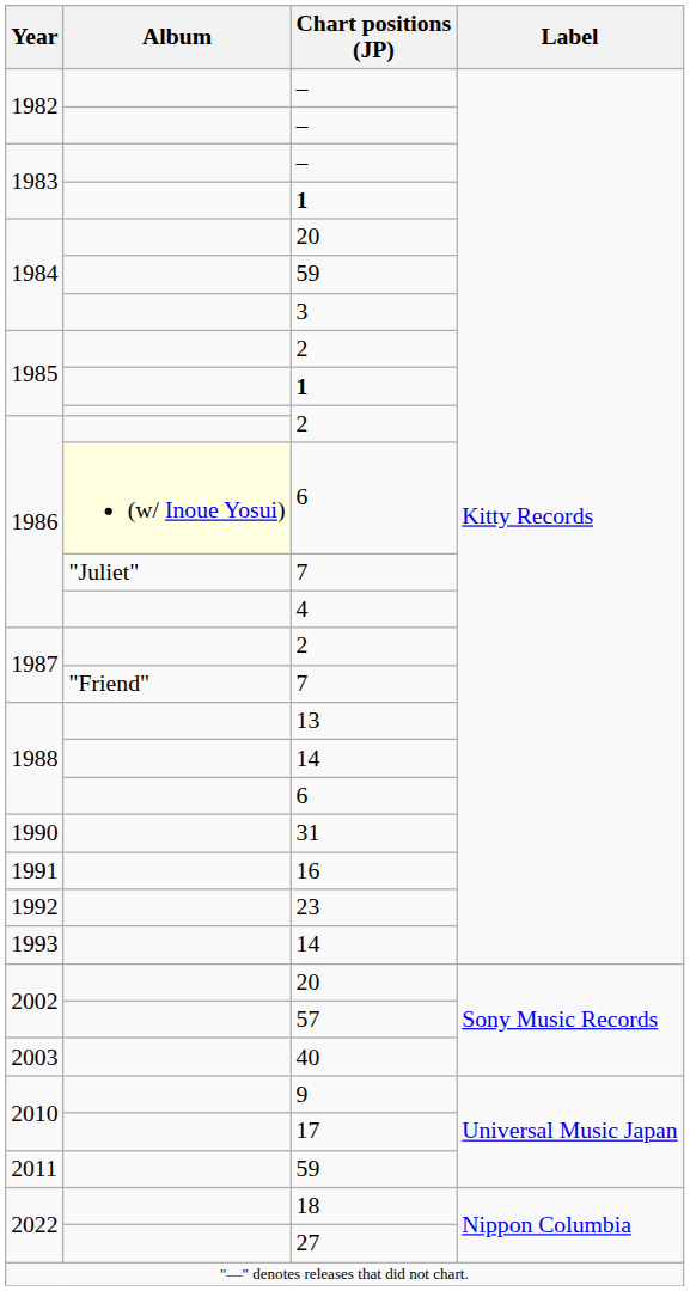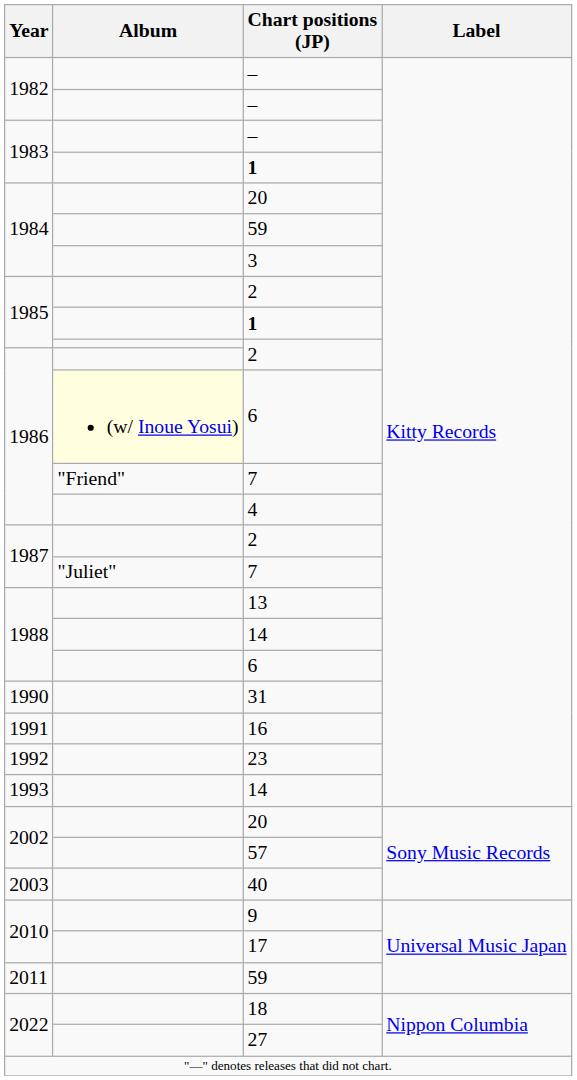 <table class="wikitable">
 <tr>
 <th>Year</th>
 <th>Album</th>
 <th>Chart positions<br>(JP)</th>
 <th>Label</th>
 </tr>
 <tr>
 <td rowspan="2">1982</td>
 <td></td>
 <td>–</td>
 <td rowspan="23"><a href='#'>Kitty Records</a></td>
 </tr>
 <tr>
 <td></td>
 <td>–</td>
 </tr>
 <tr>
 <td rowspan="2">1983</td>
 <td></td>
 <td>–</td>
 </tr>
 <tr>
 <td></td>
 <td><strong>1</strong></td>
 </tr>
 <tr>
 <td rowspan="3">1984</td>
 <td></td>
 <td>20</td>
 </tr>
 <tr>
 <td></td>
 <td>59</td>
 </tr>
 <tr>
 <td></td>
 <td>3</td>
 </tr>
 <tr>
 <td rowspan="3">1985</td>
 <td></td>
 <td>2</td>
 </tr>
 <tr>
 <td></td>
 <td><strong>1</strong></td>
 </tr>
 <tr>
 <td></td>
 <td rowspan="2">2</td>
 </tr>
 <tr>
 <td rowspan="4">1986</td>
 <td></td>
 </tr>
 <tr>
 <td style="background: lightyellow;"><br><ul><li>(w/ <a href='#'>Inoue Yosui</a>)</li></ul></td>
 <td>6</td>
 </tr>
 <tr>
-<td>"Juliet"</td>
+<td>"Friend"</td>
 <td>7</td>
 </tr>
 <tr>
 <td></td>
 <td>4</td>
 </tr>
 <tr>
 <td rowspan="2">1987</td>
 <td></td>
 <td>2</td>
 </tr>
 <tr>
-<td>"Friend"</td>
+<td>"Juliet"</td>
 <td>7</td>
 </tr>
 <tr>
 <td rowspan="3">1988</td>
 <td></td>
 <td>13</td>
 </tr>
 <tr>
 <td></td>
 <td>14</td>
 </tr>
 <tr>
 <td></td>
 <td>6</td>
 </tr>
 <tr>
 <td>1990</td>
 <td></td>
 <td>31</td>
 </tr>
 <tr>
 <td>1991</td>
 <td></td>
 <td>16</td>
 </tr>
 <tr>
 <td>1992</td>
 <td></td>
 <td>23</td>
 </tr>
 <tr>
 <td>1993</td>
 <td></td>
 <td>14</td>
 </tr>
 <tr>
 <td rowspan="2">2002</td>
 <td></td>
 <td>20</td>
 <td rowspan="3"><a href='#'>Sony Music Records</a></td>
 </tr>
 <tr>
 <td></td>
 <td>57</td>
 </tr>
 <tr>
 <td>2003</td>
 <td></td>
 <td>40</td>
 </tr>
 <tr>
 <td rowspan="2">2010</td>
 <td></td>
 <td>9</td>
 <td rowspan="3"><a href='#'>Universal Music Japan</a></td>
 </tr>
 <tr>
 <td></td>
 <td>17</td>
 </tr>
 <tr>
 <td>2011</td>
 <td></td>
 <td>59</td>
 </tr>
 <tr>
 <td rowspan="2">2022</td>
 <td></td>
 <td>18</td>
 <td rowspan="2"><a href='#'>Nippon Columbia</a></td>
 </tr>
 <tr>
 <td></td>
 <td>27</td>
 </tr>
 <tr>
 <td align="center" colspan="4" style="font-size: 8pt">"—" denotes releases that did not chart.</td>
 </tr>
 </table>
